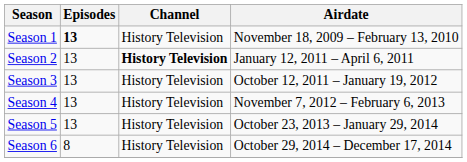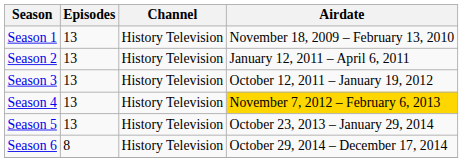 <table class="wikitable">
 <tr>
 <th>Season</th>
 <th>Episodes</th>
 <th>Channel</th>
 <th>Airdate</th>
 </tr>
 <tr>
 <td><a href='#'>Season 1</a></td>
-<td><strong>13</strong></td>
+<td>13</td>
 <td>History Television</td>
 <td>November 18, 2009 – February 13, 2010</td>
 </tr>
 <tr>
 <td><a href='#'>Season 2</a></td>
 <td>13</td>
-<td><strong>History Television</strong></td>
+<td>History Television</td>
 <td>January 12, 2011 – April 6, 2011</td>
 </tr>
 <tr>
 <td><a href='#'>Season 3</a></td>
 <td>13</td>
 <td>History Television</td>
 <td>October 12, 2011 – January 19, 2012</td>
 </tr>
 <tr>
 <td><a href='#'>Season 4</a></td>
 <td>13</td>
 <td>History Television</td>
-<td>November 7, 2012 – February 6, 2013</td>
+<td style="background: gold;">November 7, 2012 – February 6, 2013</td>
 </tr>
 <tr>
 <td><a href='#'>Season 5</a></td>
 <td>13</td>
 <td>History Television</td>
 <td>October 23, 2013 – January 29, 2014</td>
 </tr>
 <tr>
 <td><a href='#'>Season 6</a></td>
 <td>8</td>
 <td>History Television</td>
 <td>October 29, 2014 – December 17, 2014</td>
 </tr>
 <tr>
 </tr>
 </table>
